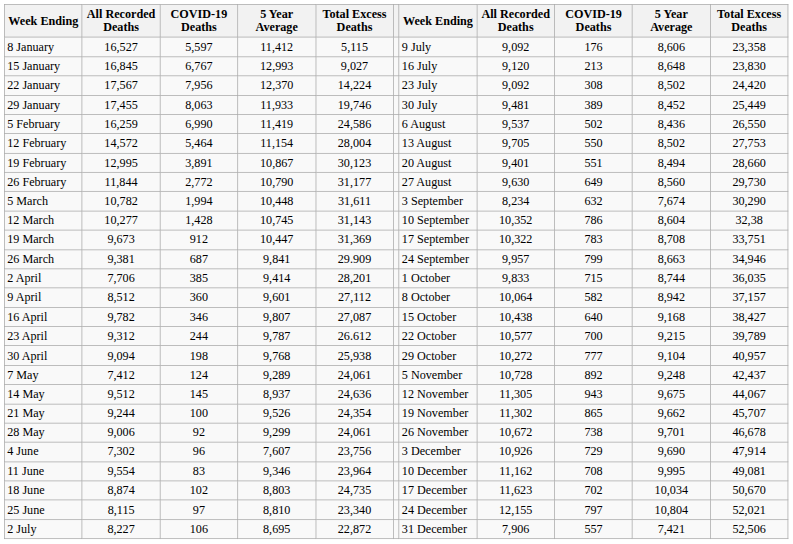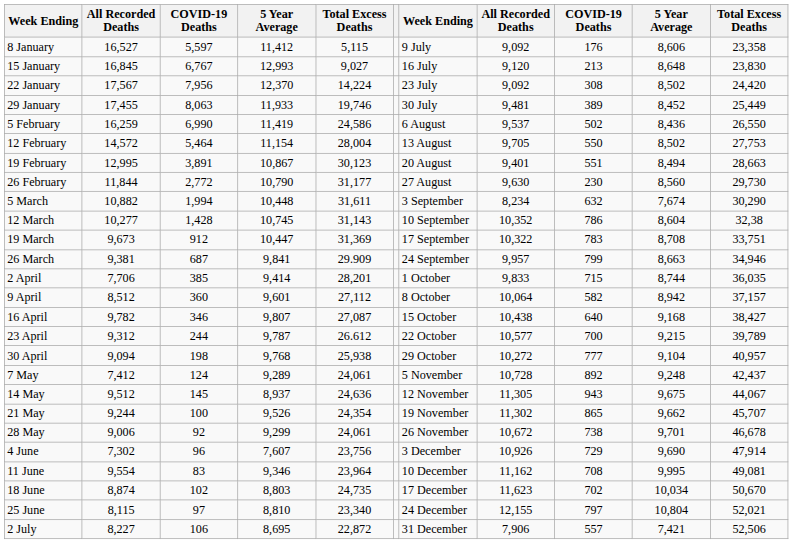 <table class="wikitable">
 <tr>
 <th>Week Ending</th>
 <th>All Recorded Deaths</th>
 <th>COVID-19 Deaths</th>
 <th>5 Year Average</th>
 <th>Total Excess Deaths</th>
 <th></th>
 <th>Week Ending</th>
 <th>All Recorded Deaths</th>
 <th>COVID-19 Deaths</th>
 <th>5 Year Average</th>
 <th>Total Excess Deaths</th>
 </tr>
 <tr>
 <td style="width: 95px">8 January</td>
 <td style="width: 95px; text-align:center">16,527</td>
 <td style="width: 95px; text-align:center">5,597</td>
 <td style="width: 95px; text-align:center">11,412</td>
 <td style="width: 95px; text-align:center">5,115</td>
 <td></td>
 <td style="width: 95px">9 July</td>
 <td style="width: 95px; text-align:center">9,092</td>
 <td style="width: 95px; text-align:center">176</td>
 <td style="width: 95px; text-align:center">8,606</td>
 <td style="width: 95px; text-align:center">23,358</td>
 </tr>
 <tr>
 <td style="width: 95px">15 January</td>
 <td style="width: 95px; text-align:center">16,845</td>
 <td style="width: 95px; text-align:center">6,767</td>
 <td style="width: 95px; text-align:center">12,993</td>
 <td style="width: 95px; text-align:center">9,027</td>
 <td></td>
 <td style="width: 95px">16 July</td>
 <td style="width: 95px; text-align:center">9,120</td>
 <td style="width: 95px; text-align:center">213</td>
 <td style="width: 95px; text-align:center">8,648</td>
 <td style="width: 95px; text-align:center">23,830</td>
 </tr>
 <tr>
 <td style="width: 95px">22 January</td>
 <td style="width: 95px; text-align:center">17,567</td>
 <td style="width: 95px; text-align:center">7,956</td>
 <td style="width: 95px; text-align:center">12,370</td>
 <td style="width: 95px; text-align:center">14,224</td>
 <td></td>
 <td style="width: 95px">23 July</td>
 <td style="width: 95px; text-align:center">9,092</td>
 <td style="width: 95px; text-align:center">308</td>
 <td style="width: 95px; text-align:center">8,502</td>
 <td style="width: 95px; text-align:center">24,420</td>
 </tr>
 <tr>
 <td style="width: 95px">29 January</td>
 <td style="width: 95px; text-align:center">17,455</td>
 <td style="width: 95px; text-align:center">8,063</td>
 <td style="width: 95px; text-align:center">11,933</td>
 <td style="width: 95px; text-align:center">19,746</td>
 <td></td>
 <td style="width: 95px">30 July</td>
 <td style="width: 95px; text-align:center">9,481</td>
 <td style="width: 95px; text-align:center">389</td>
 <td style="width: 95px; text-align:center">8,452</td>
 <td style="width: 95px; text-align:center">25,449</td>
 </tr>
 <tr>
 <td style="width: 95px">5 February</td>
 <td style="width: 95px; text-align:center">16,259</td>
 <td style="width: 95px; text-align:center">6,990</td>
 <td style="width: 95px; text-align:center">11,419</td>
 <td style="width: 95px; text-align:center">24,586</td>
 <td></td>
 <td style="width: 95px">6 August</td>
 <td style="width: 95px; text-align:center">9,537</td>
 <td style="width: 95px; text-align:center">502</td>
 <td style="width: 95px; text-align:center">8,436</td>
 <td style="width: 95px; text-align:center">26,550</td>
 </tr>
 <tr>
 <td style="width: 95px">12 February</td>
 <td style="width: 95px; text-align:center">14,572</td>
 <td style="width: 95px; text-align:center">5,464</td>
 <td style="width: 95px; text-align:center">11,154</td>
 <td style="width: 95px; text-align:center">28,004</td>
 <td></td>
 <td style="width: 95px">13 August</td>
 <td style="width: 95px; text-align:center">9,705</td>
 <td style="width: 95px; text-align:center">550</td>
 <td style="width: 95px; text-align:center">8,502</td>
 <td style="width: 95px; text-align:center">27,753</td>
 </tr>
 <tr>
 <td style="width: 95px">19 February</td>
 <td style="width: 95px; text-align:center">12,995</td>
 <td style="width: 95px; text-align:center">3,891</td>
 <td style="width: 95px; text-align:center">10,867</td>
 <td style="width: 95px; text-align:center">30,123</td>
 <td></td>
 <td style="width: 95px">20 August</td>
 <td style="width: 95px; text-align:center">9,401</td>
 <td style="width: 95px; text-align:center">551</td>
 <td style="width: 95px; text-align:center">8,494</td>
-<td style="width: 95px; text-align:center">28,660</td>
+<td style="width: 95px; text-align:center">28,663</td>
 </tr>
 <tr>
 <td style="width: 95px">26 February</td>
 <td style="width: 95px; text-align:center">11,844</td>
 <td style="width: 95px; text-align:center">2,772</td>
 <td style="width: 95px; text-align:center">10,790</td>
 <td style="width: 95px; text-align:center">31,177</td>
 <td></td>
 <td style="width: 95px">27 August</td>
 <td style="width: 95px; text-align:center">9,630</td>
-<td style="width: 95px; text-align:center">649</td>
+<td style="width: 95px; text-align:center">230</td>
 <td style="width: 95px; text-align:center">8,560</td>
 <td style="width: 95px; text-align:center">29,730</td>
 </tr>
 <tr>
 <td style="width: 95px">5 March</td>
-<td style="width: 95px; text-align:center">10,782</td>
+<td style="width: 95px; text-align:center">10,882</td>
 <td style="width: 95px; text-align:center">1,994</td>
 <td style="width: 95px; text-align:center">10,448</td>
 <td style="width: 95px; text-align:center">31,611</td>
 <td></td>
 <td style="width: 95px">3 September</td>
 <td style="width: 95px; text-align:center">8,234</td>
 <td style="width: 95px; text-align:center">632</td>
 <td style="width: 95px; text-align:center">7,674</td>
 <td style="width: 95px; text-align:center">30,290</td>
 </tr>
 <tr>
 <td style="width: 95px">12 March</td>
 <td style="width: 95px; text-align:center">10,277</td>
 <td style="width: 95px; text-align:center">1,428</td>
 <td style="width: 95px; text-align:center">10,745</td>
 <td style="width: 95px; text-align:center">31,143</td>
 <td></td>
 <td style="width: 95px">10 September</td>
 <td style="width: 95px; text-align:center">10,352</td>
 <td style="width: 95px; text-align:center">786</td>
 <td style="width: 95px; text-align:center">8,604</td>
 <td style="width: 95px; text-align:center">32,38</td>
 </tr>
 <tr>
 <td style="width: 95px">19 March</td>
 <td style="width: 95px; text-align:center">9,673</td>
 <td style="width: 95px; text-align:center">912</td>
 <td style="width: 95px; text-align:center">10,447</td>
 <td style="width: 95px; text-align:center">31,369</td>
 <td></td>
 <td style="width: 95px">17 September</td>
 <td style="width: 95px; text-align:center">10,322</td>
 <td style="width: 95px; text-align:center">783</td>
 <td style="width: 95px; text-align:center">8,708</td>
 <td style="width: 95px; text-align:center">33,751</td>
 </tr>
 <tr>
 <td style="width: 95px">26 March</td>
 <td style="width: 95px; text-align:center">9,381</td>
 <td style="width: 95px; text-align:center">687</td>
 <td style="width: 95px; text-align:center">9,841</td>
 <td style="width: 95px; text-align:center">29.909</td>
 <td></td>
 <td style="width: 95px">24 September</td>
 <td style="width: 95px; text-align:center">9,957</td>
 <td style="width: 95px; text-align:center">799</td>
 <td style="width: 95px; text-align:center">8,663</td>
 <td style="width: 95px; text-align:center">34,946</td>
 </tr>
 <tr>
 <td style="width: 95px">2 April</td>
 <td style="width: 95px; text-align:center">7,706</td>
 <td style="width: 95px; text-align:center">385</td>
 <td style="width: 95px; text-align:center">9,414</td>
 <td style="width: 95px; text-align:center">28,201</td>
 <td></td>
 <td style="width: 95px">1 October</td>
 <td style="width: 95px; text-align:center">9,833</td>
 <td style="width: 95px; text-align:center">715</td>
 <td style="width: 95px; text-align:center">8,744</td>
 <td style="width: 95px; text-align:center">36,035</td>
 </tr>
 <tr>
 <td style="width: 95px">9 April</td>
 <td style="width: 95px; text-align:center">8,512</td>
 <td style="width: 95px; text-align:center">360</td>
 <td style="width: 95px; text-align:center">9,601</td>
 <td style="width: 95px; text-align:center">27,112</td>
 <td></td>
 <td style="width: 95px">8 October</td>
 <td style="width: 95px; text-align:center">10,064</td>
 <td style="width: 95px; text-align:center">582</td>
 <td style="width: 95px; text-align:center">8,942</td>
 <td style="width: 95px; text-align:center">37,157</td>
 </tr>
 <tr>
 <td style="width: 95px">16 April</td>
 <td style="width: 95px; text-align:center">9,782</td>
 <td style="width: 95px; text-align:center">346</td>
 <td style="width: 95px; text-align:center">9,807</td>
 <td style="width: 95px; text-align:center">27,087</td>
 <td></td>
 <td style="width: 95px">15 October</td>
 <td style="width: 95px; text-align:center">10,438</td>
 <td style="width: 95px; text-align:center">640</td>
 <td style="width: 95px; text-align:center">9,168</td>
 <td style="width: 95px; text-align:center">38,427</td>
 </tr>
 <tr>
 <td style="width: 95px">23 April</td>
 <td style="width: 95px; text-align:center">9,312</td>
 <td style="width: 95px; text-align:center">244</td>
 <td style="width: 95px; text-align:center">9,787</td>
 <td style="width: 95px; text-align:center">26.612</td>
 <td></td>
 <td style="width: 95px">22 October</td>
 <td style="width: 95px; text-align:center">10,577</td>
 <td style="width: 95px; text-align:center">700</td>
 <td style="width: 95px; text-align:center">9,215</td>
 <td style="width: 95px; text-align:center">39,789</td>
 </tr>
 <tr>
 <td style="width: 95px">30 April</td>
 <td style="width: 95px; text-align:center">9,094</td>
 <td style="width: 95px; text-align:center">198</td>
 <td style="width: 95px; text-align:center">9,768</td>
 <td style="width: 95px; text-align:center">25,938</td>
 <td></td>
 <td style="width: 95px">29 October</td>
 <td style="width: 95px; text-align:center">10,272</td>
 <td style="width: 95px; text-align:center">777</td>
 <td style="width: 95px; text-align:center">9,104</td>
 <td style="width: 95px; text-align:center">40,957</td>
 </tr>
 <tr>
 <td style="width: 95px">7 May</td>
 <td style="width: 95px; text-align:center">7,412</td>
 <td style="width: 95px; text-align:center">124</td>
 <td style="width: 95px; text-align:center">9,289</td>
 <td style="width: 95px; text-align:center">24,061</td>
 <td></td>
 <td style="width: 95px">5 November</td>
 <td style="width: 95px; text-align:center">10,728</td>
 <td style="width: 95px; text-align:center">892</td>
 <td style="width: 95px; text-align:center">9,248</td>
 <td style="width: 95px; text-align:center">42,437</td>
 </tr>
 <tr>
 <td style="width: 95px">14 May</td>
 <td style="width: 95px; text-align:center">9,512</td>
 <td style="width: 95px; text-align:center">145</td>
 <td style="width: 95px; text-align:center">8,937</td>
 <td style="width: 95px; text-align:center">24,636</td>
 <td></td>
 <td style="width: 95px">12 November</td>
 <td style="width: 95px; text-align:center">11,305</td>
 <td style="width: 95px; text-align:center">943</td>
 <td style="width: 95px; text-align:center">9,675</td>
 <td style="width: 95px; text-align:center">44,067</td>
 </tr>
 <tr>
 <td style="width: 95px">21 May</td>
 <td style="width: 95px; text-align:center">9,244</td>
 <td style="width: 95px; text-align:center">100</td>
 <td style="width: 95px; text-align:center">9,526</td>
 <td style="width: 95px; text-align:center">24,354</td>
 <td></td>
 <td style="width: 95px">19 November</td>
 <td style="width: 95px; text-align:center">11,302</td>
 <td style="width: 95px; text-align:center">865</td>
 <td style="width: 95px; text-align:center">9,662</td>
 <td style="width: 95px; text-align:center">45,707</td>
 </tr>
 <tr>
 <td style="width: 95px">28 May</td>
 <td style="width: 95px; text-align:center">9,006</td>
 <td style="width: 95px; text-align:center">92</td>
 <td style="width: 95px; text-align:center">9,299</td>
 <td style="width: 95px; text-align:center">24,061</td>
 <td></td>
 <td style="width: 95px">26 November</td>
 <td style="width: 95px; text-align:center">10,672</td>
 <td style="width: 95px; text-align:center">738</td>
 <td style="width: 95px; text-align:center">9,701</td>
 <td style="width: 95px; text-align:center">46,678</td>
 </tr>
 <tr>
 <td style="width: 95px">4 June</td>
 <td style="width: 95px; text-align:center">7,302</td>
 <td style="width: 95px; text-align:center">96</td>
 <td style="width: 95px; text-align:center">7,607</td>
 <td style="width: 95px; text-align:center">23,756</td>
 <td></td>
 <td style="width: 95px">3 December</td>
 <td style="width: 95px; text-align:center">10,926</td>
 <td style="width: 95px; text-align:center">729</td>
 <td style="width: 95px; text-align:center">9,690</td>
 <td style="width: 95px; text-align:center">47,914</td>
 </tr>
 <tr>
 <td style="width: 95px">11 June</td>
 <td style="width: 95px; text-align:center">9,554</td>
 <td style="width: 95px; text-align:center">83</td>
 <td style="width: 95px; text-align:center">9,346</td>
 <td style="width: 95px; text-align:center">23,964</td>
 <td></td>
 <td style="width: 95px">10 December</td>
 <td style="width: 95px; text-align:center">11,162</td>
 <td style="width: 95px; text-align:center">708</td>
 <td style="width: 95px; text-align:center">9,995</td>
 <td style="width: 95px; text-align:center">49,081</td>
 </tr>
 <tr>
 <td style="width: 95px">18 June</td>
 <td style="width: 95px; text-align:center">8,874</td>
 <td style="width: 95px; text-align:center">102</td>
 <td style="width: 95px; text-align:center">8,803</td>
 <td style="width: 95px; text-align:center">24,735</td>
 <td></td>
 <td style="width: 95px">17 December</td>
 <td style="width: 95px; text-align:center">11,623</td>
 <td style="width: 95px; text-align:center">702</td>
 <td style="width: 95px; text-align:center">10,034</td>
 <td style="width: 95px; text-align:center">50,670</td>
 </tr>
 <tr>
 <td style="width: 95px">25 June</td>
 <td style="width: 95px; text-align:center">8,115</td>
 <td style="width: 95px; text-align:center">97</td>
 <td style="width: 95px; text-align:center">8,810</td>
 <td style="width: 95px; text-align:center">23,340</td>
 <td></td>
 <td style="width: 95px">24 December</td>
 <td style="width: 95px; text-align:center">12,155</td>
 <td style="width: 95px; text-align:center">797</td>
 <td style="width: 95px; text-align:center">10,804</td>
 <td style="width: 95px; text-align:center">52,021</td>
 </tr>
 <tr>
 <td style="width: 95px">2 July</td>
 <td style="width: 95px; text-align:center">8,227</td>
 <td style="width: 95px; text-align:center">106</td>
 <td style="width: 95px; text-align:center">8,695</td>
 <td style="width: 95px; text-align:center">22,872</td>
 <td></td>
 <td style="width: 95px">31 December</td>
 <td style="width: 95px; text-align:center">7,906</td>
 <td style="width: 95px; text-align:center">557</td>
 <td style="width: 95px; text-align:center">7,421</td>
 <td style="width: 95px; text-align:center">52,506</td>
 </tr>
 </table>
